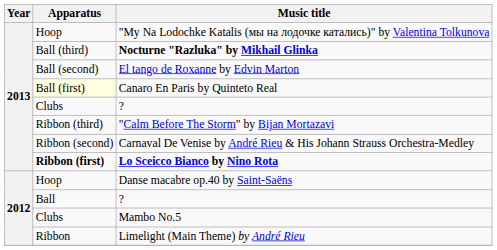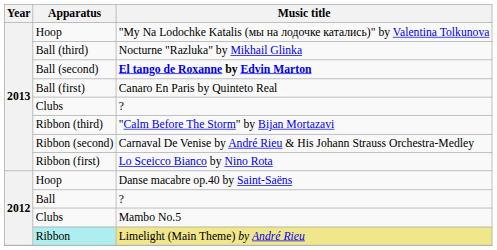 <table class="wikitable plainrowheaders">
 <tr>
 <th scope=col>Year</th>
 <th scope=col>Apparatus</th>
 <th scope=col>Music title </th>
 </tr>
 <tr>
 <th scope=row rowspan=8>2013</th>
 <td>Hoop</td>
 <td>"My Na Lodochke Katalis (мы на лодочке катались)" by <a href='#'>Valentina Tolkunova</a></td>
 </tr>
 <tr>
 <td>Ball (third)</td>
-<td><strong>Nocturne "Razluka" by <a href='#'>Mikhail Glinka</a></strong></td>
+<td>Nocturne "Razluka" by <a href='#'>Mikhail Glinka</a></td>
 </tr>
 <tr>
 <td>Ball (second)</td>
-<td><a href='#'>El tango de Roxanne</a> by <a href='#'>Edvin Marton</a></td>
+<td><strong><a href='#'>El tango de Roxanne</a> by <a href='#'>Edvin Marton</a></strong></td>
 </tr>
 <tr>
-<td style="background: lightyellow;">Ball (first)</td>
+<td>Ball (first)</td>
 <td>Canaro En Paris by Quinteto Real</td>
 </tr>
 <tr>
 <td>Clubs</td>
 <td>?</td>
 </tr>
 <tr>
 <td>Ribbon (third)</td>
 <td>"<a href='#'>Calm Before The Storm</a>" by <a href='#'>Bijan Mortazavi</a></td>
 </tr>
 <tr>
 <td>Ribbon (second)</td>
 <td>Carnaval De Venise by <a href='#'>André Rieu</a> & His Johann Strauss Orchestra-Medley</td>
 </tr>
 <tr>
-<td><strong>Ribbon (first)</strong></td>
-<td><strong><a href='#'>Lo Sceicco Bianco</a> by <a href='#'>Nino Rota</a></strong></td>
+<td>Ribbon (first)</td>
+<td><a href='#'>Lo Sceicco Bianco</a> by <a href='#'>Nino Rota</a></td>
 </tr>
 <tr>
 <th scope=row rowspan=4>2012</th>
 <td>Hoop</td>
 <td>Danse macabre op.40 by <a href='#'>Saint-Saëns</a></td>
 </tr>
 <tr>
 <td>Ball</td>
 <td>?</td>
 </tr>
 <tr>
 <td>Clubs</td>
 <td>Mambo No.5</td>
 </tr>
 <tr>
-<td>Ribbon</td>
-<td>Limelight (Main Theme) <em>by <a href='#'>André Rieu</a></em></td>
+<td style="background: paleturquoise;">Ribbon</td>
+<td style="background: khaki;">Limelight (Main Theme) <em>by <a href='#'>André Rieu</a></em></td>
 </tr>
 <tr>
 </tr>
 </table>
